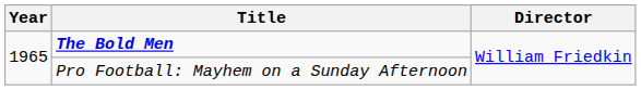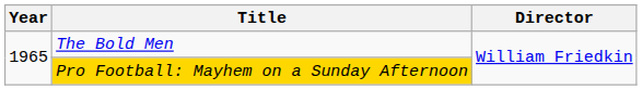 <table class="wikitable">
 <tr>
 <th>Year</th>
 <th>Title</th>
 <th>Director</th>
 </tr>
 <tr>
 <td rowspan=2>1965</td>
-<td><strong><em><a href='#'>The Bold Men</a></em></strong></td>
+<td><em><a href='#'>The Bold Men</a></em></td>
 <td rowspan=2><a href='#'>William Friedkin</a></td>
 </tr>
 <tr>
-<td><em>Pro Football: Mayhem on a Sunday Afternoon</em></td>
+<td style="background: gold;"><em>Pro Football: Mayhem on a Sunday Afternoon</em></td>
 </tr>
 </table>
